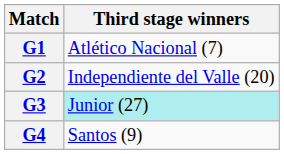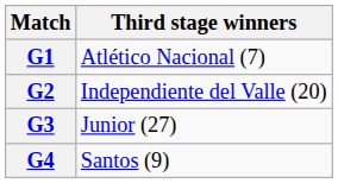 <table class="wikitable">
 <tr>
 <th>Match</th>
 <th>Third stage winners</th>
 </tr>
 <tr>
 <th><a href='#'>G1</a></th>
 <td> <a href='#'>Atlético Nacional</a> (7)</td>
 </tr>
 <tr>
 <th><a href='#'>G2</a></th>
 <td> <a href='#'>Independiente del Valle</a> (20)</td>
 </tr>
 <tr>
 <th><a href='#'>G3</a></th>
-<td style="background: paleturquoise;"> <a href='#'>Junior</a> (27)</td>
+<td> <a href='#'>Junior</a> (27)</td>
 </tr>
 <tr>
 <th><a href='#'>G4</a></th>
 <td> <a href='#'>Santos</a> (9)</td>
 </tr>
 </table>
